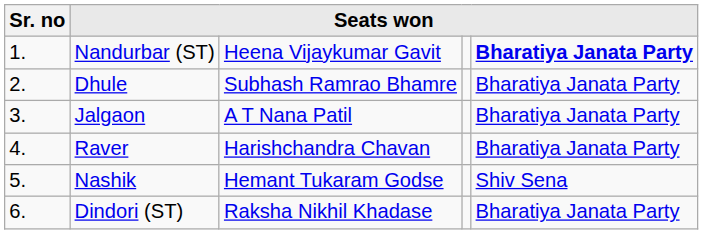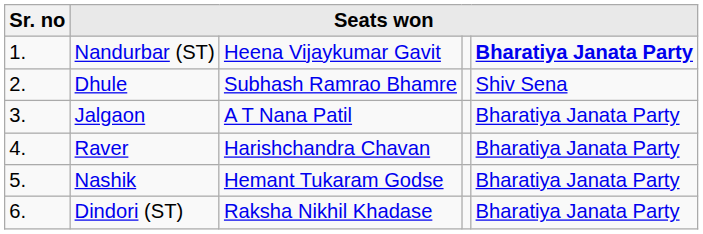 <table class="wikitable sortable">
 <tr>
 <th>Sr. no</th>
 <th colspan="4" align="left" valign="top" style="background-color:#E9E9E9">Seats won</th>
 </tr>
 <tr>
 <td>1.</td>
 <td><a href='#'>Nandurbar</a> (ST)</td>
 <td><a href='#'>Heena Vijaykumar Gavit</a></td>
 <td style="background-color:"></td>
 <td><strong><a href='#'>Bharatiya Janata Party</a></strong></td>
 </tr>
 <tr>
 <td>2.</td>
 <td><a href='#'>Dhule</a></td>
 <td><a href='#'>Subhash Ramrao Bhamre</a></td>
 <td style="background-color:"></td>
-<td><a href='#'>Bharatiya Janata Party</a></td>
+<td><a href='#'>Shiv Sena</a></td>
 </tr>
 <tr>
 <td>3.</td>
 <td><a href='#'>Jalgaon</a></td>
 <td><a href='#'>A T Nana Patil</a></td>
 <td style="background-color:"></td>
 <td><a href='#'>Bharatiya Janata Party</a></td>
 </tr>
 <tr>
 <td>4.</td>
 <td><a href='#'>Raver</a></td>
 <td><a href='#'>Harishchandra Chavan</a></td>
 <td style="background-color:"></td>
 <td><a href='#'>Bharatiya Janata Party</a></td>
 </tr>
 <tr>
 <td>5.</td>
 <td><a href='#'>Nashik</a></td>
 <td><a href='#'>Hemant Tukaram Godse</a></td>
 <td style="background-color: "></td>
-<td><a href='#'>Shiv Sena</a></td>
+<td><a href='#'>Bharatiya Janata Party</a></td>
 </tr>
 <tr>
 <td>6.</td>
 <td><a href='#'>Dindori</a> (ST)</td>
 <td><a href='#'>Raksha Nikhil Khadase</a></td>
 <td style="background-color:"></td>
 <td><a href='#'>Bharatiya Janata Party</a></td>
 </tr>
 </table>
